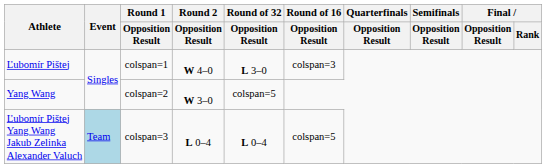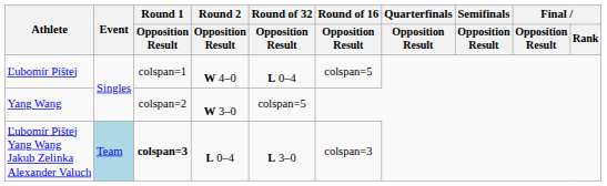 <table class="wikitable" style="font-size:90%">
 <tr>
 <th rowspan=2>Athlete</th>
 <th rowspan=2>Event</th>
 <th>Round 1</th>
 <th>Round 2</th>
 <th>Round of 32</th>
 <th>Round of 16</th>
 <th>Quarterfinals</th>
 <th>Semifinals</th>
 <th colspan=2>Final / </th>
 </tr>
 <tr style="font-size:95%">
 <th>Opposition<br>Result</th>
 <th>Opposition<br>Result</th>
 <th>Opposition<br>Result</th>
 <th>Opposition<br>Result</th>
 <th>Opposition<br>Result</th>
 <th>Opposition<br>Result</th>
 <th>Opposition<br>Result</th>
 <th>Rank</th>
 </tr>
 <tr align=center>
 <td align=left><a href='#'>Ľubomír Pištej</a></td>
 <td align=left rowspan=2><a href='#'>Singles</a></td>
 <td>colspan=1</td>
 <td><br><strong>W</strong> 4–0</td>
-<td><br><strong>L</strong> 3–0</td>
-<td>colspan=3 </td>
+<td><br><strong>L</strong> 0–4</td>
+<td>colspan=5 </td>
 </tr>
 <tr align=center>
 <td align=left><a href='#'>Yang Wang</a></td>
 <td>colspan=2</td>
 <td><br><strong>W</strong> 3–0</td>
 <td>colspan=5 </td>
 </tr>
 <tr align=center>
 <td align=left><a href='#'>Ľubomír Pištej</a><br><a href='#'>Yang Wang</a><br><a href='#'>Jakub Zelinka</a><br><a href='#'>Alexander Valuch</a></td>
 <td align=left style="background: lightblue;"><a href='#'>Team</a></td>
-<td>colspan=3</td>
+<td><strong>colspan=3</strong></td>
 <td><br><strong>L</strong> 0–4</td>
-<td><br><strong>L</strong> 0–4</td>
-<td>colspan=5 </td>
+<td><br><strong>L</strong> 3–0</td>
+<td>colspan=3 </td>
 </tr>
 </table>
